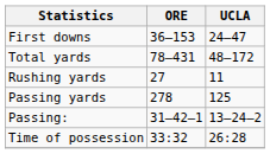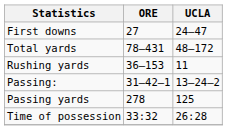 <table class="wikitable" style="float: left;">
 <tr>
 <th>Statistics</th>
 <th>ORE</th>
 <th>UCLA</th>
 </tr>
 <tr>
 <td>First downs</td>
-<td>36–153</td>
+<td>27</td>
 <td>24–47</td>
 </tr>
 <tr>
 <td>Total yards</td>
 <td>78–431</td>
 <td>48–172</td>
 </tr>
 <tr>
 <td>Rushing yards</td>
-<td>27</td>
+<td>36–153</td>
 <td>11</td>
+</tr>
+<tr>
+<td>Passing:</td>
+<td>31–42–1</td>
+<td>13–24–2</td>
 </tr>
 <tr>
 <td>Passing yards</td>
 <td>278</td>
 <td>125</td>
-</tr>
-<tr>
-<td>Passing:</td>
-<td>31–42–1</td>
-<td>13–24–2</td>
 </tr>
 <tr>
 <td>Time of possession</td>
 <td>33:32</td>
 <td>26:28</td>
 </tr>
 <tr>
 </tr>
 </table>
